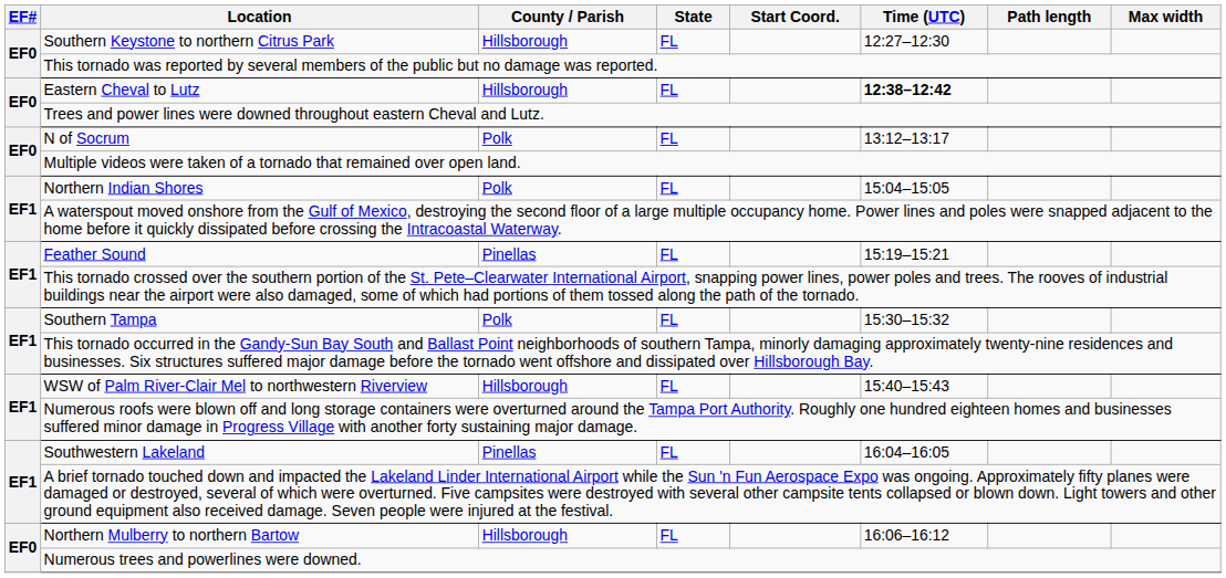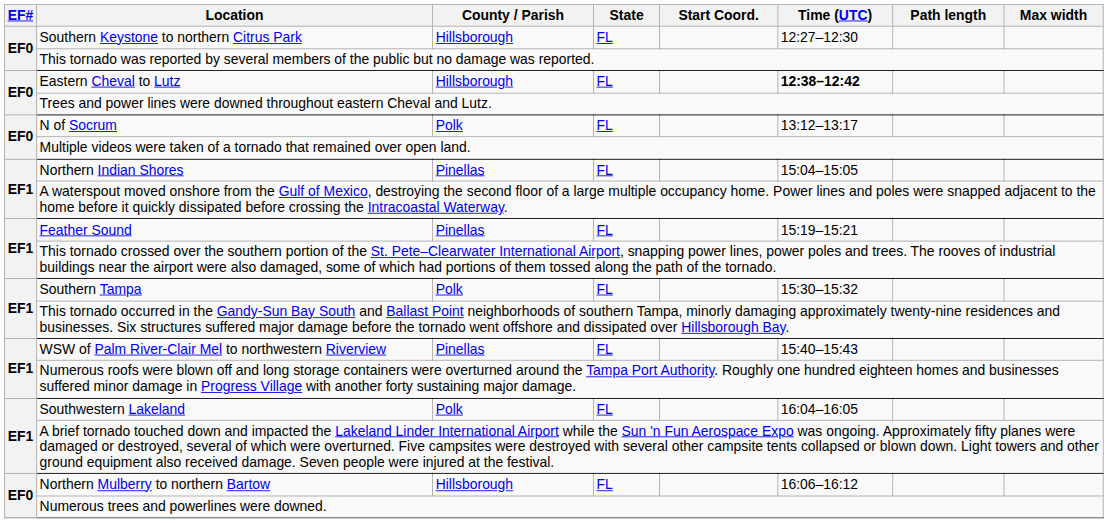 <table class="wikitable sortable" style="width:100%;">
 <tr>
 <th scope="col" width="2%" align="center"><a href='#'>EF#</a></th>
 <th scope="col" align="center" class="unsortable">Location</th>
 <th scope="col" align="center" class="unsortable">County / Parish</th>
 <th scope="col" align="center">State</th>
 <th scope="col" align="center">Start Coord.</th>
 <th scope="col" align="center">Time (<a href='#'>UTC</a>)</th>
 <th scope="col" align="center">Path length</th>
 <th scope="col" align="center">Max width</th>
 </tr>
 <tr>
 <th scope="row" rowspan="2" style="background-color:#">EF0</th>
 <td>Southern <a href='#'>Keystone</a> to northern <a href='#'>Citrus Park</a></td>
 <td><a href='#'>Hillsborough</a></td>
 <td><a href='#'>FL</a></td>
 <td></td>
 <td>12:27–12:30</td>
 <td></td>
 <td></td>
 </tr>
 <tr class="expand-child">
 <td colspan="8" style=" border-bottom: 1px solid black;">This tornado was reported by several members of the public but no damage was reported.</td>
 </tr>
 <tr>
 <th scope="row" rowspan="2" style="background-color:#">EF0</th>
 <td>Eastern <a href='#'>Cheval</a> to <a href='#'>Lutz</a></td>
 <td><a href='#'>Hillsborough</a></td>
 <td><a href='#'>FL</a></td>
 <td></td>
 <td><strong>12:38–12:42</strong></td>
 <td></td>
 <td></td>
 </tr>
 <tr class="expand-child">
 <td colspan="8" style=" border-bottom: 1px solid black;">Trees and power lines were downed throughout eastern Cheval and Lutz.</td>
 </tr>
 <tr>
 <th scope="row" rowspan="2" style="background-color:#">EF0</th>
 <td>N of <a href='#'>Socrum</a></td>
 <td><a href='#'>Polk</a></td>
 <td><a href='#'>FL</a></td>
 <td></td>
 <td>13:12–13:17</td>
 <td></td>
 <td></td>
 </tr>
 <tr class="expand-child">
 <td colspan="8" style=" border-bottom: 1px solid black;">Multiple videos were taken of a tornado that remained over open land.</td>
 </tr>
 <tr>
 <th scope="row" rowspan="2" style="background-color:#">EF1</th>
 <td>Northern <a href='#'>Indian Shores</a></td>
-<td><a href='#'>Polk</a></td>
+<td><a href='#'>Pinellas</a></td>
 <td><a href='#'>FL</a></td>
 <td></td>
 <td>15:04–15:05</td>
 <td></td>
 <td></td>
 </tr>
 <tr class="expand-child">
 <td colspan="8" style=" border-bottom: 1px solid black;">A waterspout moved onshore from the <a href='#'>Gulf of Mexico</a>, destroying the second floor of a large multiple occupancy home. Power lines and poles were snapped adjacent to the home before it quickly dissipated before crossing the <a href='#'>Intracoastal Waterway</a>.</td>
 </tr>
 <tr>
 <th scope="row" rowspan="2" style="background-color:#">EF1</th>
 <td><a href='#'>Feather Sound</a></td>
 <td><a href='#'>Pinellas</a></td>
 <td><a href='#'>FL</a></td>
 <td></td>
 <td>15:19–15:21</td>
 <td></td>
 <td></td>
 </tr>
 <tr class="expand-child">
 <td colspan="8" style=" border-bottom: 1px solid black;">This tornado crossed over the southern portion of the <a href='#'>St. Pete–Clearwater International Airport</a>, snapping power lines, power poles and trees. The rooves of industrial buildings near the airport were also damaged, some of which had portions of them tossed along the path of the tornado.</td>
 </tr>
 <tr>
 <th scope="row" rowspan="2" style="background-color:#">EF1</th>
 <td>Southern <a href='#'>Tampa</a></td>
 <td><a href='#'>Polk</a></td>
 <td><a href='#'>FL</a></td>
 <td></td>
 <td>15:30–15:32</td>
 <td></td>
 <td></td>
 </tr>
 <tr class="expand-child">
 <td colspan="8" style=" border-bottom: 1px solid black;">This tornado occurred in the <a href='#'>Gandy-Sun Bay South</a> and <a href='#'>Ballast Point</a> neighborhoods of southern Tampa, minorly damaging approximately twenty-nine residences and businesses. Six structures suffered major damage before the tornado went offshore and dissipated over <a href='#'>Hillsborough Bay</a>.</td>
 </tr>
 <tr>
 <th scope="row" rowspan="2" style="background-color:#">EF1</th>
 <td>WSW of <a href='#'>Palm River-Clair Mel</a> to northwestern <a href='#'>Riverview</a></td>
-<td><a href='#'>Hillsborough</a></td>
+<td><a href='#'>Pinellas</a></td>
 <td><a href='#'>FL</a></td>
 <td></td>
 <td>15:40–15:43</td>
 <td></td>
 <td></td>
 </tr>
 <tr class="expand-child">
 <td colspan="8" style=" border-bottom: 1px solid black;">Numerous roofs were blown off and  long storage containers were overturned around the <a href='#'>Tampa Port Authority</a>. Roughly one hundred eighteen homes and businesses suffered minor damage in <a href='#'>Progress Village</a> with another forty sustaining major damage.</td>
 </tr>
 <tr>
 <th scope="row" rowspan="2" style="background-color:#">EF1</th>
 <td>Southwestern <a href='#'>Lakeland</a></td>
-<td><a href='#'>Pinellas</a></td>
+<td><a href='#'>Polk</a></td>
 <td><a href='#'>FL</a></td>
 <td></td>
 <td>16:04–16:05</td>
 <td></td>
 <td></td>
 </tr>
 <tr class="expand-child">
 <td colspan="8" style=" border-bottom: 1px solid black;">A brief tornado touched down and impacted the <a href='#'>Lakeland Linder International Airport</a> while the <a href='#'>Sun 'n Fun Aerospace Expo</a> was ongoing. Approximately fifty planes were damaged or destroyed, several of which were overturned. Five campsites were destroyed with several other campsite tents collapsed or blown down. Light towers and other ground equipment also received damage. Seven people were injured at the festival.</td>
 </tr>
 <tr>
 <th scope="row" rowspan="2" style="background-color:#">EF0</th>
 <td>Northern <a href='#'>Mulberry</a> to northern <a href='#'>Bartow</a></td>
 <td><a href='#'>Hillsborough</a></td>
 <td><a href='#'>FL</a></td>
 <td></td>
 <td>16:06–16:12</td>
 <td></td>
 <td></td>
 </tr>
 <tr class="expand-child">
 <td colspan="8" style=" border-bottom: 1px solid black;">Numerous trees and powerlines were downed.</td>
 </tr>
 <tr>
 </tr>
 </table>
